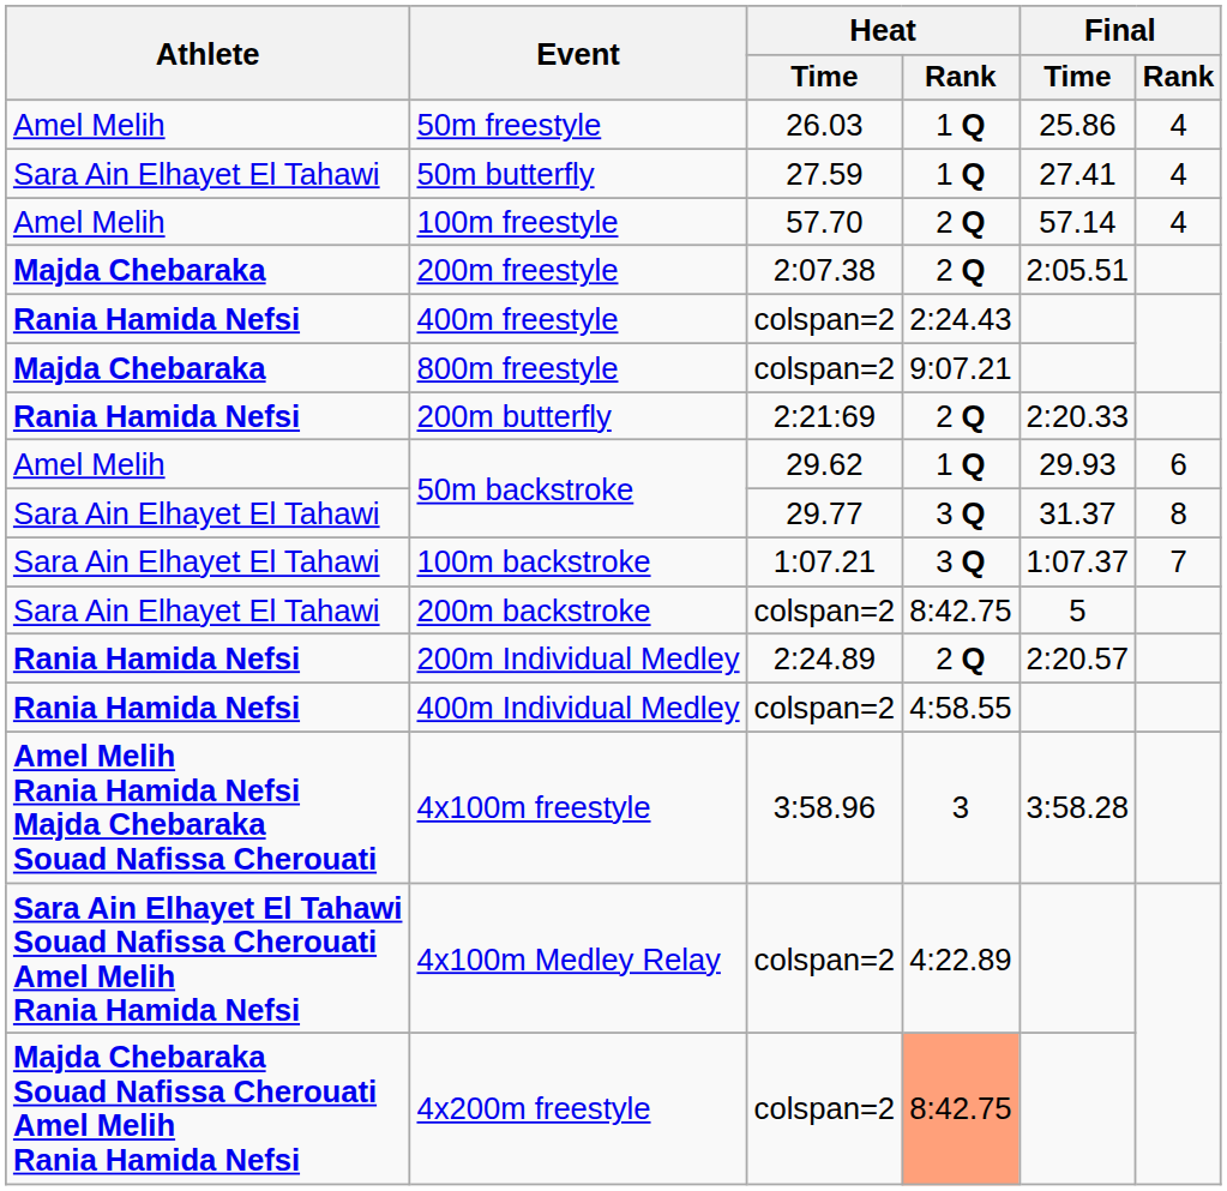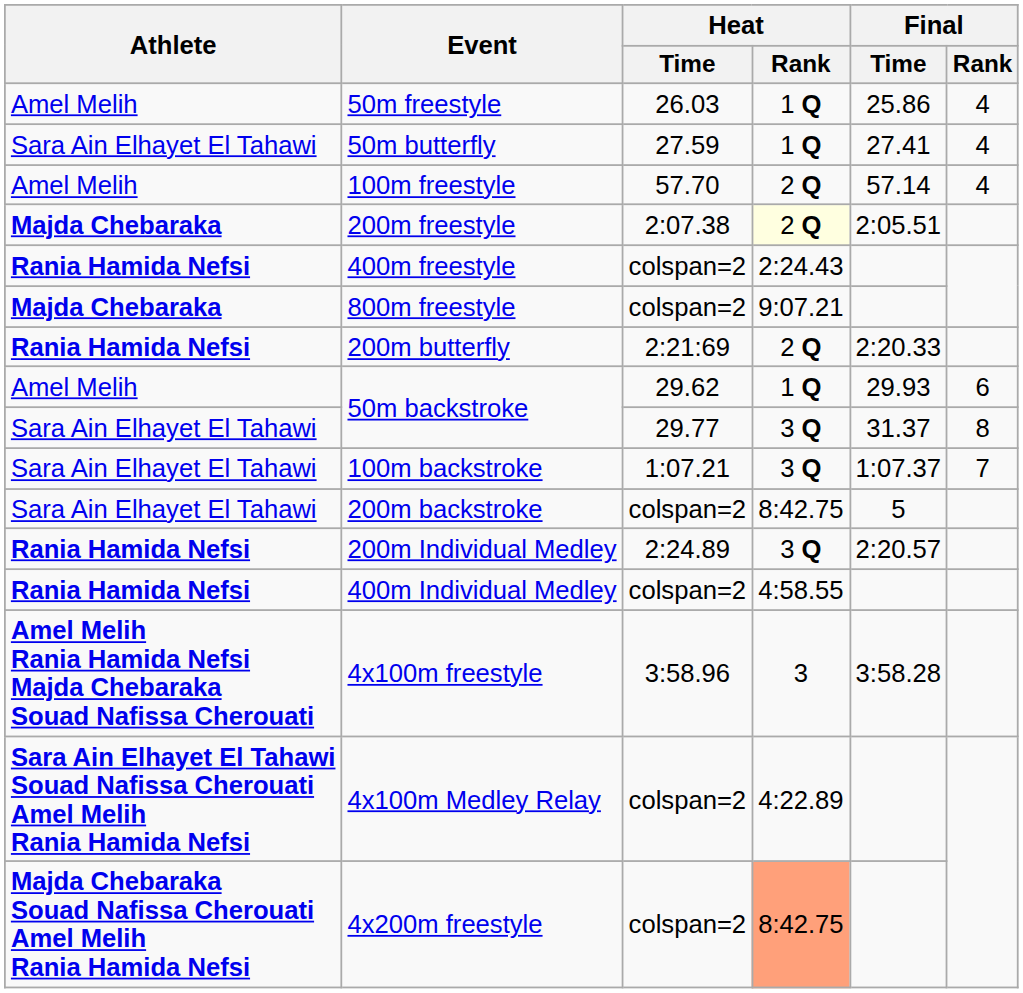 <table class=wikitable style="font-size:90%">
 <tr>
 <th rowspan=2>Athlete</th>
 <th rowspan=2>Event</th>
 <th colspan=2>Heat</th>
 <th colspan=2>Final</th>
 </tr>
 <tr style="font-size:95%">
 <th>Time</th>
 <th>Rank</th>
 <th>Time</th>
 <th>Rank</th>
 </tr>
 <tr align=center>
 <td align=left><a href='#'>Amel Melih</a></td>
 <td align=left><a href='#'>50m freestyle</a></td>
 <td>26.03</td>
 <td>1 <strong>Q</strong></td>
 <td>25.86</td>
 <td>4</td>
 </tr>
 <tr align=center>
 <td align=left><a href='#'>Sara Ain Elhayet El Tahawi</a></td>
 <td align=left><a href='#'>50m butterfly</a></td>
 <td>27.59</td>
 <td>1 <strong>Q</strong></td>
 <td>27.41</td>
 <td>4</td>
 </tr>
 <tr align=center>
 <td align=left><a href='#'>Amel Melih</a></td>
 <td align=left><a href='#'>100m freestyle</a></td>
 <td>57.70</td>
 <td>2 <strong>Q</strong></td>
 <td>57.14</td>
 <td>4</td>
 </tr>
 <tr align=center>
 <td align=left><strong><a href='#'>Majda Chebaraka</a></strong></td>
 <td align=left><a href='#'>200m freestyle</a></td>
 <td>2:07.38</td>
-<td>2 <strong>Q</strong></td>
+<td style="background: lightyellow;">2 <strong>Q</strong></td>
 <td>2:05.51</td>
 <td></td>
 </tr>
 <tr align=center>
 <td align=left><strong><a href='#'>Rania Hamida Nefsi</a></strong></td>
 <td align=left><a href='#'>400m freestyle</a></td>
 <td>colspan=2 </td>
 <td>2:24.43</td>
 <td></td>
 </tr>
 <tr align=center>
 <td align=left><strong><a href='#'>Majda Chebaraka</a></strong></td>
 <td align=left><a href='#'>800m freestyle</a></td>
 <td>colspan=2 </td>
 <td>9:07.21</td>
 <td></td>
 </tr>
 <tr align=center>
 <td align=left><strong><a href='#'>Rania Hamida Nefsi</a></strong></td>
 <td align=left><a href='#'>200m butterfly</a></td>
 <td>2:21:69</td>
 <td>2 <strong>Q</strong></td>
 <td>2:20.33</td>
 <td></td>
 </tr>
 <tr align=center>
 <td align=left><a href='#'>Amel Melih</a></td>
 <td align=left rowspan=2><a href='#'>50m backstroke</a></td>
 <td>29.62</td>
 <td>1 <strong>Q</strong></td>
 <td>29.93</td>
 <td>6</td>
 </tr>
 <tr align=center>
 <td align=left><a href='#'>Sara Ain Elhayet El Tahawi</a></td>
 <td>29.77</td>
 <td>3 <strong>Q</strong></td>
 <td>31.37</td>
 <td>8</td>
 </tr>
 <tr align=center>
 <td align=left><a href='#'>Sara Ain Elhayet El Tahawi</a></td>
 <td align=left><a href='#'>100m backstroke</a></td>
 <td>1:07.21</td>
 <td>3 <strong>Q</strong></td>
 <td>1:07.37</td>
 <td>7</td>
 </tr>
 <tr align=center>
 <td align=left><a href='#'>Sara Ain Elhayet El Tahawi</a></td>
 <td align=left><a href='#'>200m backstroke</a></td>
 <td>colspan=2 </td>
 <td>8:42.75</td>
 <td>5</td>
 </tr>
 <tr align=center>
 <td align=left><strong><a href='#'>Rania Hamida Nefsi</a></strong></td>
 <td align=left><a href='#'>200m Individual Medley</a></td>
 <td>2:24.89</td>
-<td>2 <strong>Q</strong></td>
+<td>3 <strong>Q</strong></td>
 <td>2:20.57</td>
 <td></td>
 </tr>
 <tr align=center>
 <td align=left><strong><a href='#'>Rania Hamida Nefsi</a></strong></td>
 <td align=left><a href='#'>400m Individual Medley</a></td>
 <td>colspan=2 </td>
 <td>4:58.55</td>
 <td></td>
 </tr>
 <tr align=center>
 <td align=left><strong><a href='#'>Amel Melih</a><br><a href='#'>Rania Hamida Nefsi</a><br><a href='#'>Majda Chebaraka</a><br><a href='#'>Souad Nafissa Cherouati</a></strong></td>
 <td align=left><a href='#'>4x100m freestyle</a></td>
 <td>3:58.96</td>
 <td>3</td>
 <td>3:58.28</td>
 <td></td>
 </tr>
 <tr align=center>
 <td align=left><strong><a href='#'>Sara Ain Elhayet El Tahawi</a><br><a href='#'>Souad Nafissa Cherouati</a><br><a href='#'>Amel Melih</a><br><a href='#'>Rania Hamida Nefsi</a></strong></td>
 <td align=left><a href='#'>4x100m Medley Relay</a></td>
 <td>colspan=2 </td>
 <td>4:22.89</td>
 <td></td>
 </tr>
 <tr align=center>
 <td align=left><strong><a href='#'>Majda Chebaraka</a><br><a href='#'>Souad Nafissa Cherouati</a><br><a href='#'>Amel Melih</a><br><a href='#'>Rania Hamida Nefsi</a></strong></td>
 <td align=left><a href='#'>4x200m freestyle</a></td>
 <td>colspan=2 </td>
 <td style="background: lightsalmon;">8:42.75</td>
 <td></td>
 </tr>
 </table>
